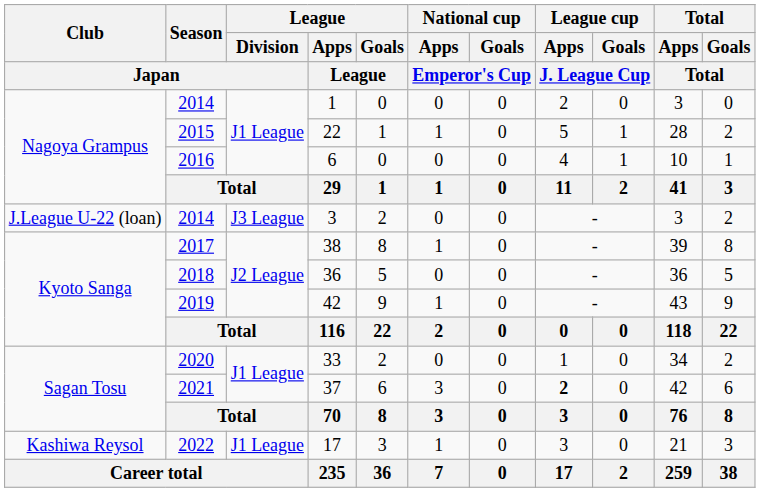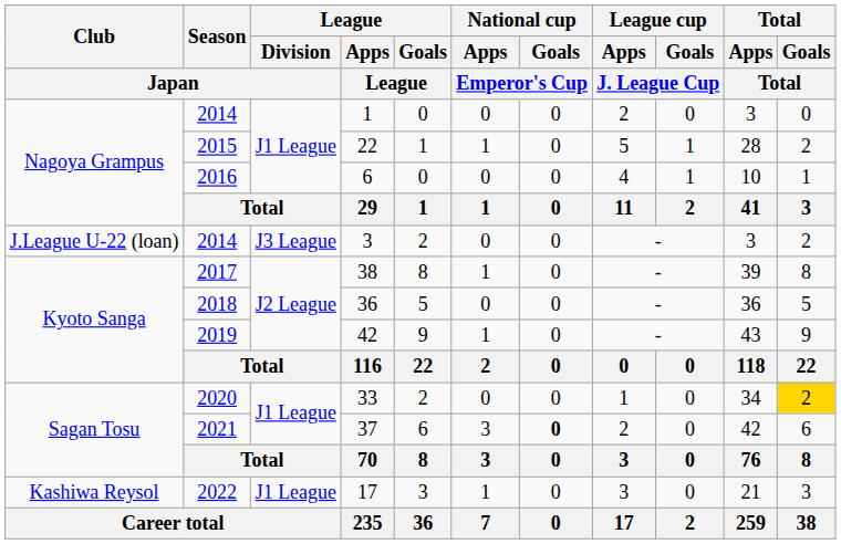 <table class="wikitable" style="text-align:center">
 <tr>
 <th rowspan=2>Club</th>
 <th rowspan=2>Season</th>
 <th colspan=3>League</th>
 <th colspan=2>National cup</th>
 <th colspan=2>League cup</th>
 <th colspan=2>Total</th>
 </tr>
 <tr>
 <th>Division</th>
 <th>Apps</th>
 <th>Goals</th>
 <th>Apps</th>
 <th>Goals</th>
 <th>Apps</th>
 <th>Goals</th>
 <th>Apps</th>
 <th>Goals</th>
 </tr>
 <tr>
 <th colspan=3>Japan</th>
 <th colspan=2>League</th>
 <th colspan=2><a href='#'>Emperor's Cup</a></th>
 <th colspan=2><a href='#'>J. League Cup</a></th>
 <th colspan=2>Total</th>
 </tr>
 <tr>
 <td rowspan="4"><a href='#'>Nagoya Grampus</a></td>
 <td><a href='#'>2014</a></td>
 <td rowspan="3"><a href='#'>J1 League</a></td>
 <td>1</td>
 <td>0</td>
 <td>0</td>
 <td>0</td>
 <td>2</td>
 <td>0</td>
 <td>3</td>
 <td>0</td>
 </tr>
 <tr>
 <td><a href='#'>2015</a></td>
 <td>22</td>
 <td>1</td>
 <td>1</td>
 <td>0</td>
 <td>5</td>
 <td>1</td>
 <td>28</td>
 <td>2</td>
 </tr>
 <tr>
 <td><a href='#'>2016</a></td>
 <td>6</td>
 <td>0</td>
 <td>0</td>
 <td>0</td>
 <td>4</td>
 <td>1</td>
 <td>10</td>
 <td>1</td>
 </tr>
 <tr>
 <th colspan="2">Total</th>
 <th>29</th>
 <th>1</th>
 <th>1</th>
 <th>0</th>
 <th>11</th>
 <th>2</th>
 <th>41</th>
 <th>3</th>
 </tr>
 <tr>
 <td><a href='#'>J.League U-22</a> (loan)</td>
 <td><a href='#'>2014</a></td>
 <td><a href='#'>J3 League</a></td>
 <td>3</td>
 <td>2</td>
 <td>0</td>
 <td>0</td>
 <td colspan="2">-</td>
 <td>3</td>
 <td>2</td>
 </tr>
 <tr>
 <td rowspan="4"><a href='#'>Kyoto Sanga</a></td>
 <td><a href='#'>2017</a></td>
 <td rowspan="3"><a href='#'>J2 League</a></td>
 <td>38</td>
 <td>8</td>
 <td>1</td>
 <td>0</td>
 <td colspan="2">-</td>
 <td>39</td>
 <td>8</td>
 </tr>
 <tr>
 <td><a href='#'>2018</a></td>
 <td>36</td>
 <td>5</td>
 <td>0</td>
 <td>0</td>
 <td colspan="2">-</td>
 <td>36</td>
 <td>5</td>
 </tr>
 <tr>
 <td><a href='#'>2019</a></td>
 <td>42</td>
 <td>9</td>
 <td>1</td>
 <td>0</td>
 <td colspan="2">-</td>
 <td>43</td>
 <td>9</td>
 </tr>
 <tr>
 <th colspan="2">Total</th>
 <th>116</th>
 <th>22</th>
 <th>2</th>
 <th>0</th>
 <th>0</th>
 <th>0</th>
 <th>118</th>
 <th>22</th>
 </tr>
 <tr>
 <td rowspan="3"><a href='#'>Sagan Tosu</a></td>
 <td><a href='#'>2020</a></td>
 <td rowspan="2"><a href='#'>J1 League</a></td>
 <td>33</td>
 <td>2</td>
 <td>0</td>
 <td>0</td>
 <td>1</td>
 <td>0</td>
 <td>34</td>
-<td>2</td>
+<td style="background: gold;">2</td>
 </tr>
 <tr>
 <td><a href='#'>2021</a></td>
 <td>37</td>
 <td>6</td>
 <td>3</td>
-<td>0</td>
-<td><strong>2</strong></td>
+<td><strong>0</strong></td>
+<td>2</td>
 <td>0</td>
 <td>42</td>
 <td>6</td>
 </tr>
 <tr>
 <th colspan="2">Total</th>
 <th>70</th>
 <th>8</th>
 <th>3</th>
 <th>0</th>
 <th>3</th>
 <th>0</th>
 <th>76</th>
 <th>8</th>
 </tr>
 <tr>
 <td><a href='#'>Kashiwa Reysol</a></td>
 <td><a href='#'>2022</a></td>
 <td><a href='#'>J1 League</a></td>
 <td>17</td>
 <td>3</td>
 <td>1</td>
 <td>0</td>
 <td>3</td>
 <td>0</td>
 <td>21</td>
 <td>3</td>
 </tr>
 <tr>
 <th colspan=3>Career total</th>
 <th>235</th>
 <th>36</th>
 <th>7</th>
 <th>0</th>
 <th>17</th>
 <th>2</th>
 <th>259</th>
 <th>38</th>
 </tr>
 </table>
